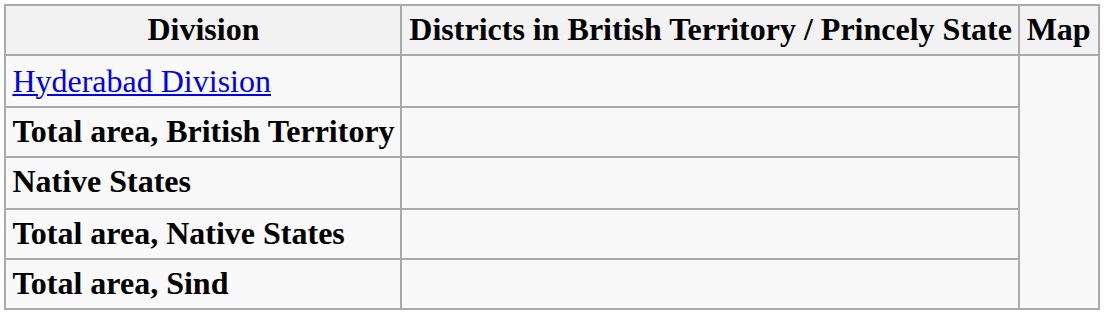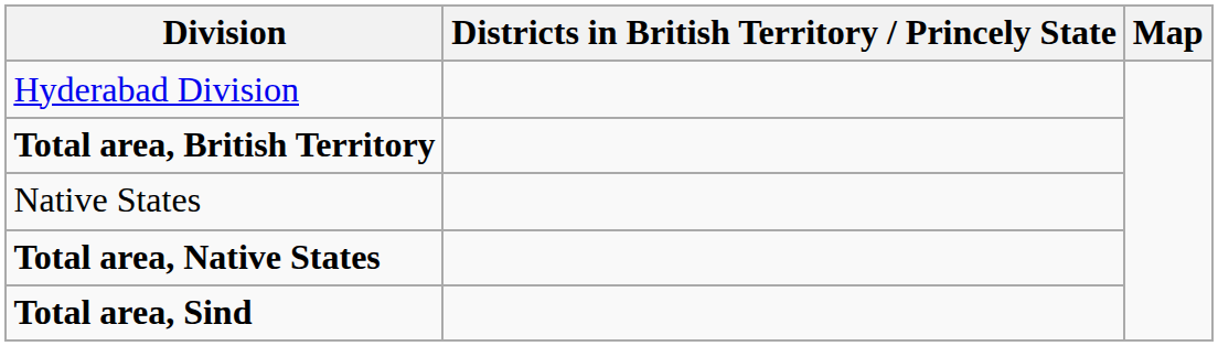 <table class="wikitable sortable">
 <tr>
 <th>Division</th>
 <th>Districts in British Territory / Princely State</th>
 <th>Map</th>
 </tr>
 <tr>
 <td><a href='#'>Hyderabad Division</a></td>
 <td></td>
 <td rowspan="5"></td>
 </tr>
 <tr>
 <td><strong>Total area, British Territory</strong></td>
 <td></td>
 </tr>
 <tr>
-<td><strong>Native States</strong></td>
+<td>Native States</td>
 <td></td>
 </tr>
 <tr>
 <td><strong>Total area, Native States</strong></td>
 <td></td>
 </tr>
 <tr>
 <td><strong>Total area, Sind</strong></td>
 <td></td>
 </tr>
 </table>
